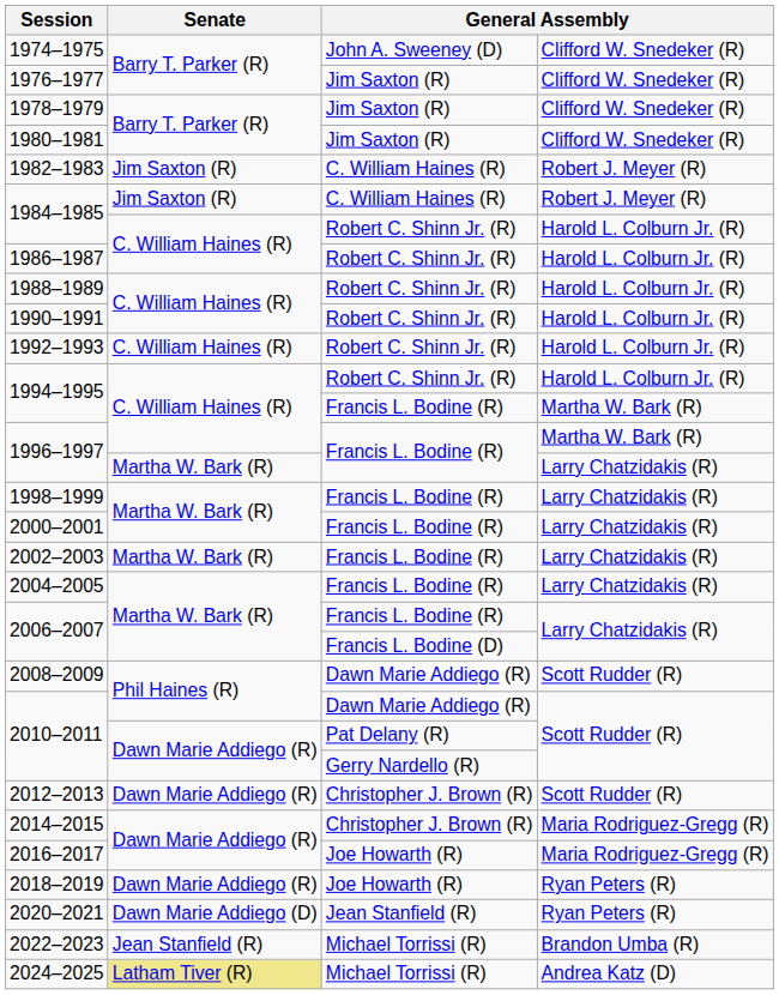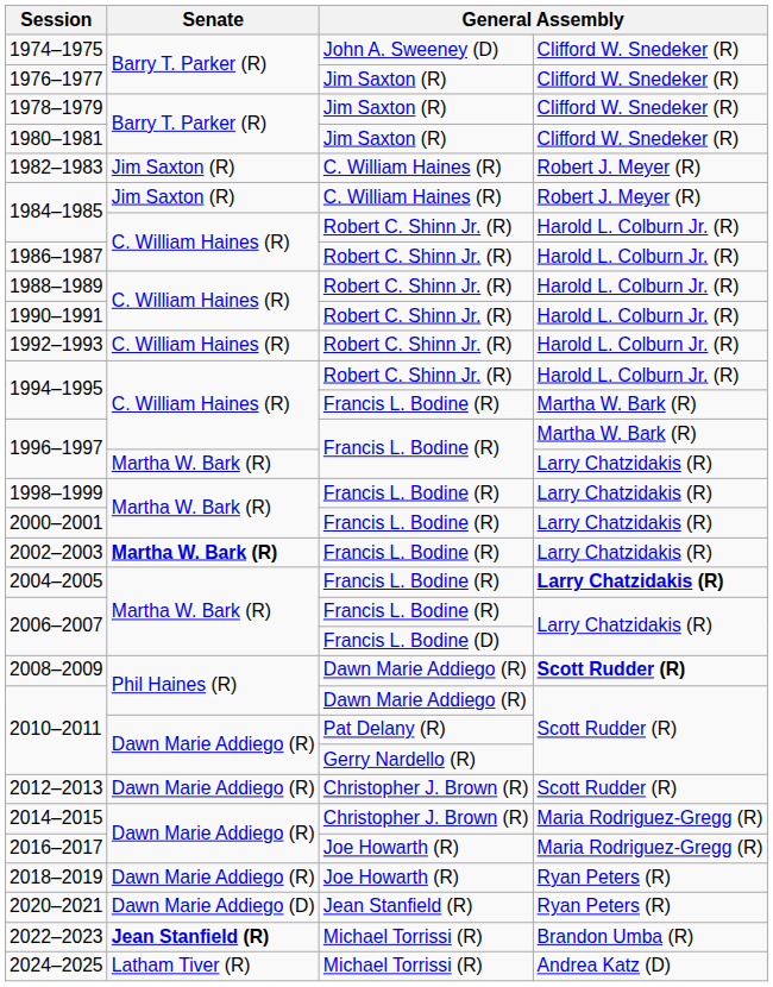 <table class="wikitable">
 <tr>
 <th>Session</th>
 <th>Senate</th>
 <th colspan=2>General Assembly</th>
 </tr>
 <tr>
 <td>1974–1975</td>
 <td rowspan=2 ><a href='#'>Barry T. Parker</a> (R)</td>
 <td><a href='#'>John A. Sweeney</a> (D)</td>
 <td><a href='#'>Clifford W. Snedeker</a> (R)</td>
 </tr>
 <tr>
 <td>1976–1977</td>
 <td><a href='#'>Jim Saxton</a> (R)</td>
 <td><a href='#'>Clifford W. Snedeker</a> (R)</td>
 </tr>
 <tr>
 <td>1978–1979</td>
 <td rowspan=2 ><a href='#'>Barry T. Parker</a> (R)</td>
 <td><a href='#'>Jim Saxton</a> (R)</td>
 <td><a href='#'>Clifford W. Snedeker</a> (R)</td>
 </tr>
 <tr>
 <td>1980–1981</td>
 <td><a href='#'>Jim Saxton</a> (R)</td>
 <td><a href='#'>Clifford W. Snedeker</a> (R)</td>
 </tr>
 <tr>
 <td>1982–1983</td>
 <td><a href='#'>Jim Saxton</a> (R)</td>
 <td><a href='#'>C. William Haines</a> (R)</td>
 <td><a href='#'>Robert J. Meyer</a> (R)</td>
 </tr>
 <tr>
 <td rowspan=3>1984–1985</td>
 <td rowspan=2 ><a href='#'>Jim Saxton</a> (R)<small> </small><br></td>
 <td rowspan=2 ><a href='#'>C. William Haines</a> (R)</td>
 <td><a href='#'>Robert J. Meyer</a> (R)</td>
 </tr>
 <tr>
 <td rowspan=2 ><a href='#'>Harold L. Colburn Jr.</a> (R)</td>
 </tr>
 <tr>
 <td rowspan=2 ><a href='#'>C. William Haines</a> (R)</td>
 <td><a href='#'>Robert C. Shinn Jr.</a> (R)</td>
 </tr>
 <tr>
 <td>1986–1987</td>
 <td><a href='#'>Robert C. Shinn Jr.</a> (R)</td>
 <td><a href='#'>Harold L. Colburn Jr.</a> (R)</td>
 </tr>
 <tr>
 <td>1988–1989</td>
 <td rowspan=2 ><a href='#'>C. William Haines</a> (R)</td>
 <td><a href='#'>Robert C. Shinn Jr.</a> (R)</td>
 <td><a href='#'>Harold L. Colburn Jr.</a> (R)</td>
 </tr>
 <tr>
 <td>1990–1991</td>
 <td><a href='#'>Robert C. Shinn Jr.</a> (R)</td>
 <td><a href='#'>Harold L. Colburn Jr.</a> (R)</td>
 </tr>
 <tr>
 <td>1992–1993</td>
 <td><a href='#'>C. William Haines</a> (R)</td>
 <td><a href='#'>Robert C. Shinn Jr.</a> (R)</td>
 <td><a href='#'>Harold L. Colburn Jr.</a> (R)</td>
 </tr>
 <tr>
 <td rowspan=3>1994–1995</td>
 <td rowspan=4 ><a href='#'>C. William Haines</a> (R)</td>
 <td><a href='#'>Robert C. Shinn Jr.</a> (R)</td>
 <td rowspan=2 ><a href='#'>Harold L. Colburn Jr.</a> (R)<small> </small><br></td>
 </tr>
 <tr>
 <td rowspan=2 ><a href='#'>Francis L. Bodine</a> (R)</td>
 </tr>
 <tr>
 <td><a href='#'>Martha W. Bark</a> (R)</td>
 </tr>
 <tr>
 <td rowspan=2>1996–1997</td>
 <td rowspan=2 ><a href='#'>Francis L. Bodine</a> (R)</td>
 <td><a href='#'>Martha W. Bark</a> (R)</td>
 </tr>
 <tr>
 <td><a href='#'>Martha W. Bark</a> (R)</td>
 <td><a href='#'>Larry Chatzidakis</a> (R)</td>
 </tr>
 <tr>
 <td>1998–1999</td>
 <td rowspan=2 ><a href='#'>Martha W. Bark</a> (R)</td>
 <td><a href='#'>Francis L. Bodine</a> (R)</td>
 <td><a href='#'>Larry Chatzidakis</a> (R)</td>
 </tr>
 <tr>
 <td>2000–2001</td>
 <td><a href='#'>Francis L. Bodine</a> (R)</td>
 <td><a href='#'>Larry Chatzidakis</a> (R)</td>
 </tr>
 <tr>
 <td>2002–2003</td>
-<td><a href='#'>Martha W. Bark</a> (R)</td>
+<td><strong><a href='#'>Martha W. Bark</a> (R)</strong></td>
 <td><a href='#'>Francis L. Bodine</a> (R)</td>
 <td><a href='#'>Larry Chatzidakis</a> (R)</td>
 </tr>
 <tr>
 <td>2004–2005</td>
 <td rowspan=3 ><a href='#'>Martha W. Bark</a> (R)</td>
 <td><a href='#'>Francis L. Bodine</a> (R)</td>
-<td><a href='#'>Larry Chatzidakis</a> (R)</td>
+<td><strong><a href='#'>Larry Chatzidakis</a> (R)</strong></td>
 </tr>
 <tr>
 <td rowspan=2>2006–2007</td>
 <td><a href='#'>Francis L. Bodine</a> (R)</td>
 <td rowspan=2 ><a href='#'>Larry Chatzidakis</a> (R)</td>
 </tr>
 <tr>
 <td><a href='#'>Francis L. Bodine</a> (D)</td>
 </tr>
 <tr>
 <td>2008–2009</td>
 <td rowspan=2 ><a href='#'>Phil Haines</a> (R)</td>
 <td><a href='#'>Dawn Marie Addiego</a> (R)</td>
-<td><a href='#'>Scott Rudder</a> (R)</td>
+<td><strong><a href='#'>Scott Rudder</a> (R)</strong></td>
 </tr>
 <tr>
 <td rowspan=3>2010–2011</td>
 <td><a href='#'>Dawn Marie Addiego</a> (R)</td>
 <td rowspan=3 ><a href='#'>Scott Rudder</a> (R)</td>
 </tr>
 <tr>
 <td rowspan=2 ><a href='#'>Dawn Marie Addiego</a> (R)</td>
 <td><a href='#'>Pat Delany</a> (R)</td>
 </tr>
 <tr>
 <td><a href='#'>Gerry Nardello</a> (R)</td>
 </tr>
 <tr>
 <td>2012–2013</td>
 <td><a href='#'>Dawn Marie Addiego</a> (R)</td>
 <td><a href='#'>Christopher J. Brown</a> (R)</td>
 <td><a href='#'>Scott Rudder</a> (R)</td>
 </tr>
 <tr>
 <td>2014–2015</td>
 <td rowspan=2 ><a href='#'>Dawn Marie Addiego</a> (R)</td>
 <td><a href='#'>Christopher J. Brown</a> (R)</td>
 <td><a href='#'>Maria Rodriguez-Gregg</a> (R)</td>
 </tr>
 <tr>
 <td>2016–2017</td>
 <td><a href='#'>Joe Howarth</a> (R)</td>
 <td><a href='#'>Maria Rodriguez-Gregg</a> (R)</td>
 </tr>
 <tr>
 <td rowspan=2>2018–2019</td>
 <td><a href='#'>Dawn Marie Addiego</a> (R)</td>
 <td rowspan=2 ><a href='#'>Joe Howarth</a> (R)</td>
 <td rowspan=2 ><a href='#'>Ryan Peters</a> (R)</td>
 </tr>
 <tr>
 <td rowspan=2 ><a href='#'>Dawn Marie Addiego</a> (D)</td>
 </tr>
 <tr>
 <td>2020–2021</td>
 <td><a href='#'>Jean Stanfield</a> (R)</td>
 <td><a href='#'>Ryan Peters</a> (R)</td>
 </tr>
 <tr>
 <td>2022–2023</td>
-<td><a href='#'>Jean Stanfield</a> (R)</td>
+<td><strong><a href='#'>Jean Stanfield</a> (R)</strong></td>
 <td><a href='#'>Michael Torrissi</a> (R)</td>
 <td><a href='#'>Brandon Umba</a> (R)</td>
 </tr>
 <tr>
 <td>2024–2025</td>
-<td style="background: khaki;"><a href='#'>Latham Tiver</a> (R)</td>
+<td><a href='#'>Latham Tiver</a> (R)</td>
 <td><a href='#'>Michael Torrissi</a> (R)</td>
 <td><a href='#'>Andrea Katz</a> (D)</td>
 </tr>
 </table>
